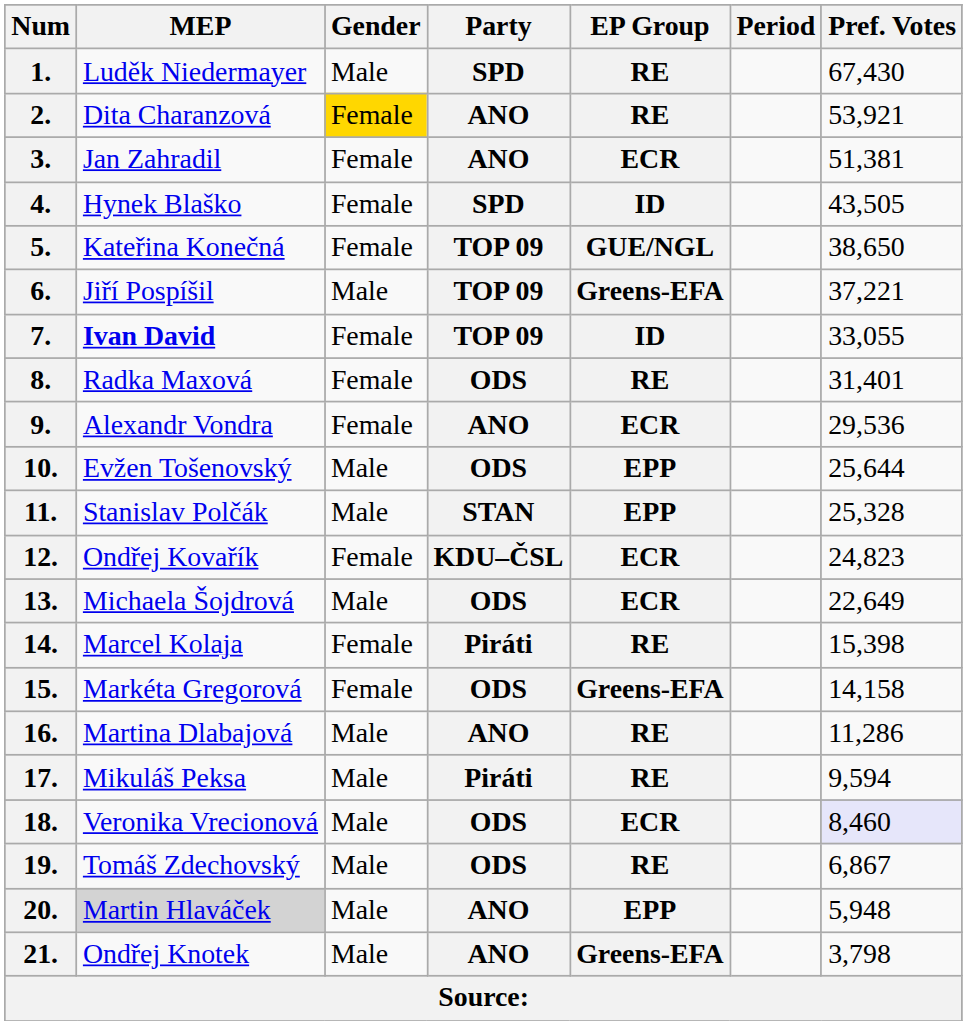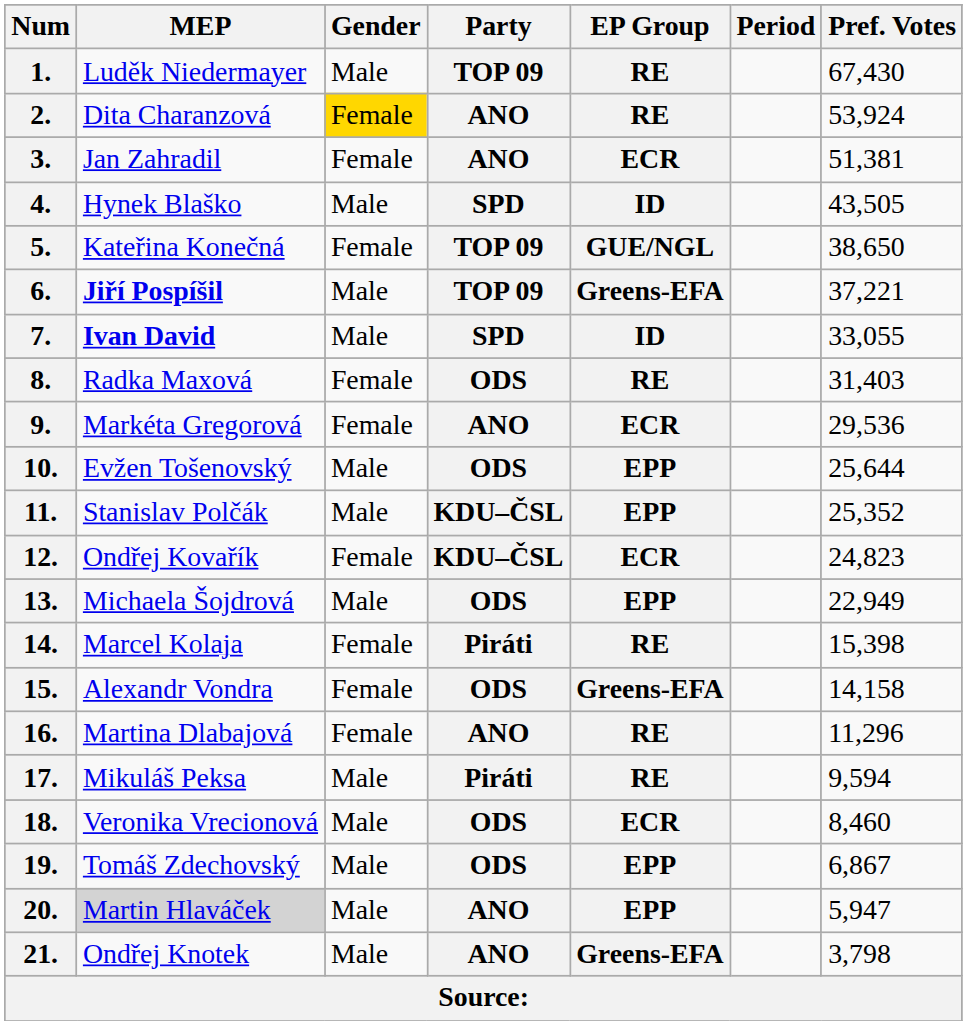 <table class="wikitable mw-collapsible">
 <tr>
 <th>Num</th>
 <th>MEP</th>
 <th>Gender</th>
 <th>Party</th>
 <th>EP Group</th>
 <th>Period</th>
 <th>Pref. Votes</th>
 </tr>
 <tr>
 <th>1.</th>
 <td><a href='#'>Luděk Niedermayer</a></td>
 <td>Male</td>
-<th style="background-color:">SPD</th>
+<th style="background-color:">TOP 09</th>
 <th style="background-color:">RE</th>
 <td></td>
 <td>67,430</td>
 </tr>
 <tr>
 <th>2.</th>
 <td><a href='#'>Dita Charanzová</a></td>
 <td style="background: gold;">Female</td>
 <th style="background-color:">ANO</th>
 <th style="background-color:">RE</th>
 <td></td>
-<td>53,921</td>
+<td>53,924</td>
 </tr>
 <tr>
 <th>3.</th>
 <td><a href='#'>Jan Zahradil</a></td>
 <td>Female</td>
 <th style="background-color:">ANO</th>
 <th style="background-color:">ECR</th>
 <td></td>
 <td>51,381</td>
 </tr>
 <tr>
 <th>4.</th>
 <td><a href='#'>Hynek Blaško</a></td>
-<td>Female</td>
+<td>Male</td>
 <th style="background-color:">SPD</th>
 <th style="background-color:">ID</th>
 <td></td>
 <td>43,505</td>
 </tr>
 <tr>
 <th>5.</th>
 <td><a href='#'>Kateřina Konečná</a></td>
 <td>Female</td>
 <th style="background-color:">TOP 09</th>
 <th style="background-color:">GUE/NGL</th>
 <td></td>
 <td>38,650</td>
 </tr>
 <tr>
 <th>6.</th>
-<td><a href='#'>Jiří Pospíšil</a></td>
+<td><strong><a href='#'>Jiří Pospíšil</a></strong></td>
 <td>Male</td>
 <th style="background-color:">TOP 09</th>
 <th style="background-color:">Greens-EFA</th>
 <td></td>
 <td>37,221</td>
 </tr>
 <tr>
 <th>7.</th>
 <td><strong><a href='#'>Ivan David</a></strong></td>
-<td>Female</td>
-<th style="background-color:">TOP 09</th>
+<td>Male</td>
+<th style="background-color:">SPD</th>
 <th style="background-color:">ID</th>
 <td></td>
 <td>33,055</td>
 </tr>
 <tr>
 <th>8.</th>
 <td><a href='#'>Radka Maxová</a></td>
 <td>Female</td>
 <th style="background-color:">ODS</th>
 <th style="background-color:">RE</th>
 <td></td>
-<td>31,401</td>
+<td>31,403</td>
 </tr>
 <tr>
 <th>9.</th>
-<td><a href='#'>Alexandr Vondra</a></td>
+<td><a href='#'>Markéta Gregorová</a></td>
 <td>Female</td>
 <th style="background-color:">ANO</th>
 <th style="background-color:">ECR</th>
 <td></td>
 <td>29,536</td>
 </tr>
 <tr>
 <th>10.</th>
 <td><a href='#'>Evžen Tošenovský</a></td>
 <td>Male</td>
 <th style="background-color:">ODS</th>
 <th style="background-color:">EPP</th>
 <td></td>
 <td>25,644</td>
 </tr>
 <tr>
 <th>11.</th>
 <td><a href='#'>Stanislav Polčák</a></td>
 <td>Male</td>
-<th style="background-color:">STAN</th>
+<th style="background-color:">KDU–ČSL</th>
 <th style="background-color:">EPP</th>
 <td></td>
-<td>25,328</td>
+<td>25,352</td>
 </tr>
 <tr>
 <th>12.</th>
 <td><a href='#'>Ondřej Kovařík</a></td>
 <td>Female</td>
 <th style="background-color:">KDU–ČSL</th>
 <th style="background-color:">ECR</th>
 <td></td>
 <td>24,823</td>
 </tr>
 <tr>
 <th>13.</th>
 <td><a href='#'>Michaela Šojdrová</a></td>
 <td>Male</td>
 <th style="background-color:">ODS</th>
-<th style="background-color:">ECR</th>
+<th style="background-color:">EPP</th>
 <td></td>
-<td>22,649</td>
+<td>22,949</td>
 </tr>
 <tr>
 <th>14.</th>
 <td><a href='#'>Marcel Kolaja</a></td>
 <td>Female</td>
 <th style="background-color:">Piráti</th>
 <th style="background-color:">RE</th>
 <td></td>
 <td>15,398</td>
 </tr>
 <tr>
 <th>15.</th>
-<td><a href='#'>Markéta Gregorová</a></td>
+<td><a href='#'>Alexandr Vondra</a></td>
 <td>Female</td>
 <th style="background-color:">ODS</th>
 <th style="background-color:">Greens-EFA</th>
 <td></td>
 <td>14,158</td>
 </tr>
 <tr>
 <th>16.</th>
 <td><a href='#'>Martina Dlabajová</a></td>
-<td>Male</td>
+<td>Female</td>
 <th style="background-color:">ANO</th>
 <th style="background-color:">RE</th>
 <td></td>
-<td>11,286</td>
+<td>11,296</td>
 </tr>
 <tr>
 <th>17.</th>
 <td><a href='#'>Mikuláš Peksa</a></td>
 <td>Male</td>
 <th style="background-color:">Piráti</th>
 <th style="background-color:">RE</th>
 <td></td>
 <td>9,594</td>
 </tr>
 <tr>
 <th>18.</th>
 <td><a href='#'>Veronika Vrecionová</a></td>
 <td>Male</td>
 <th style="background-color:">ODS</th>
 <th style="background-color:">ECR</th>
 <td></td>
-<td style="background: lavender;">8,460</td>
+<td>8,460</td>
 </tr>
 <tr>
 <th>19.</th>
 <td><a href='#'>Tomáš Zdechovský</a></td>
 <td>Male</td>
 <th style="background-color:">ODS</th>
-<th style="background-color:">RE</th>
+<th style="background-color:">EPP</th>
 <td></td>
 <td>6,867</td>
 </tr>
 <tr>
 <th>20.</th>
 <td style="background: lightgrey;"><a href='#'>Martin Hlaváček</a></td>
 <td>Male</td>
 <th style="background-color:">ANO</th>
 <th style="background-color:">EPP</th>
 <td></td>
-<td>5,948</td>
+<td>5,947</td>
 </tr>
 <tr>
 <th>21.</th>
 <td><a href='#'>Ondřej Knotek</a></td>
 <td>Male</td>
 <th style="background-color:">ANO</th>
 <th style="background-color:">Greens-EFA</th>
 <td></td>
 <td>3,798</td>
 </tr>
 <tr>
 <th colspan="7">Source:</th>
 </tr>
 </table>
